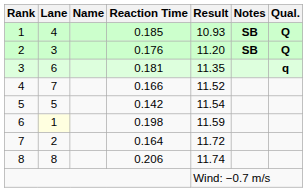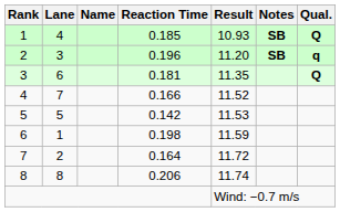 <table class="wikitable" style="text-align:center">
 <tr>
 <th>Rank</th>
 <th>Lane</th>
 <th>Name</th>
 <th>Reaction Time</th>
 <th>Result</th>
 <th>Notes</th>
 <th>Qual.</th>
 </tr>
 <tr bgcolor=ccffcc>
 <td>1</td>
 <td>4</td>
 <td align="left"></td>
 <td>0.185</td>
 <td>10.93</td>
 <td><strong>SB</strong></td>
 <td><strong>Q</strong></td>
 </tr>
 <tr bgcolor=ccffcc>
 <td>2</td>
 <td>3</td>
 <td align="left"></td>
-<td>0.176</td>
+<td>0.196</td>
 <td>11.20</td>
 <td><strong>SB</strong></td>
-<td><strong>Q</strong></td>
+<td><strong>q</strong></td>
 </tr>
 <tr bgcolor=ddffdd>
 <td>3</td>
 <td>6</td>
 <td align="left"></td>
 <td>0.181</td>
 <td>11.35</td>
 <td></td>
-<td><strong>q</strong></td>
+<td><strong>Q</strong></td>
 </tr>
 <tr>
 <td>4</td>
 <td>7</td>
 <td align="left"></td>
 <td>0.166</td>
 <td>11.52</td>
 <td></td>
 <td></td>
 </tr>
 <tr>
 <td>5</td>
 <td>5</td>
 <td align="left"></td>
 <td>0.142</td>
-<td>11.54</td>
+<td>11.53</td>
 <td></td>
 <td></td>
 </tr>
 <tr>
 <td>6</td>
-<td style="background: lightyellow;">1</td>
+<td>1</td>
 <td align="left"></td>
 <td>0.198</td>
 <td>11.59</td>
 <td></td>
 <td></td>
 </tr>
 <tr>
 <td>7</td>
 <td>2</td>
 <td align="left"></td>
 <td>0.164</td>
 <td>11.72</td>
 <td></td>
 <td></td>
 </tr>
 <tr>
 <td>8</td>
 <td>8</td>
 <td align="left"></td>
 <td>0.206</td>
 <td>11.74</td>
 <td></td>
 <td></td>
 </tr>
 <tr class="sortbottom">
 <td colspan=4></td>
 <td colspan="3" style="text-align:left;">Wind: −0.7 m/s</td>
 </tr>
 </table>
